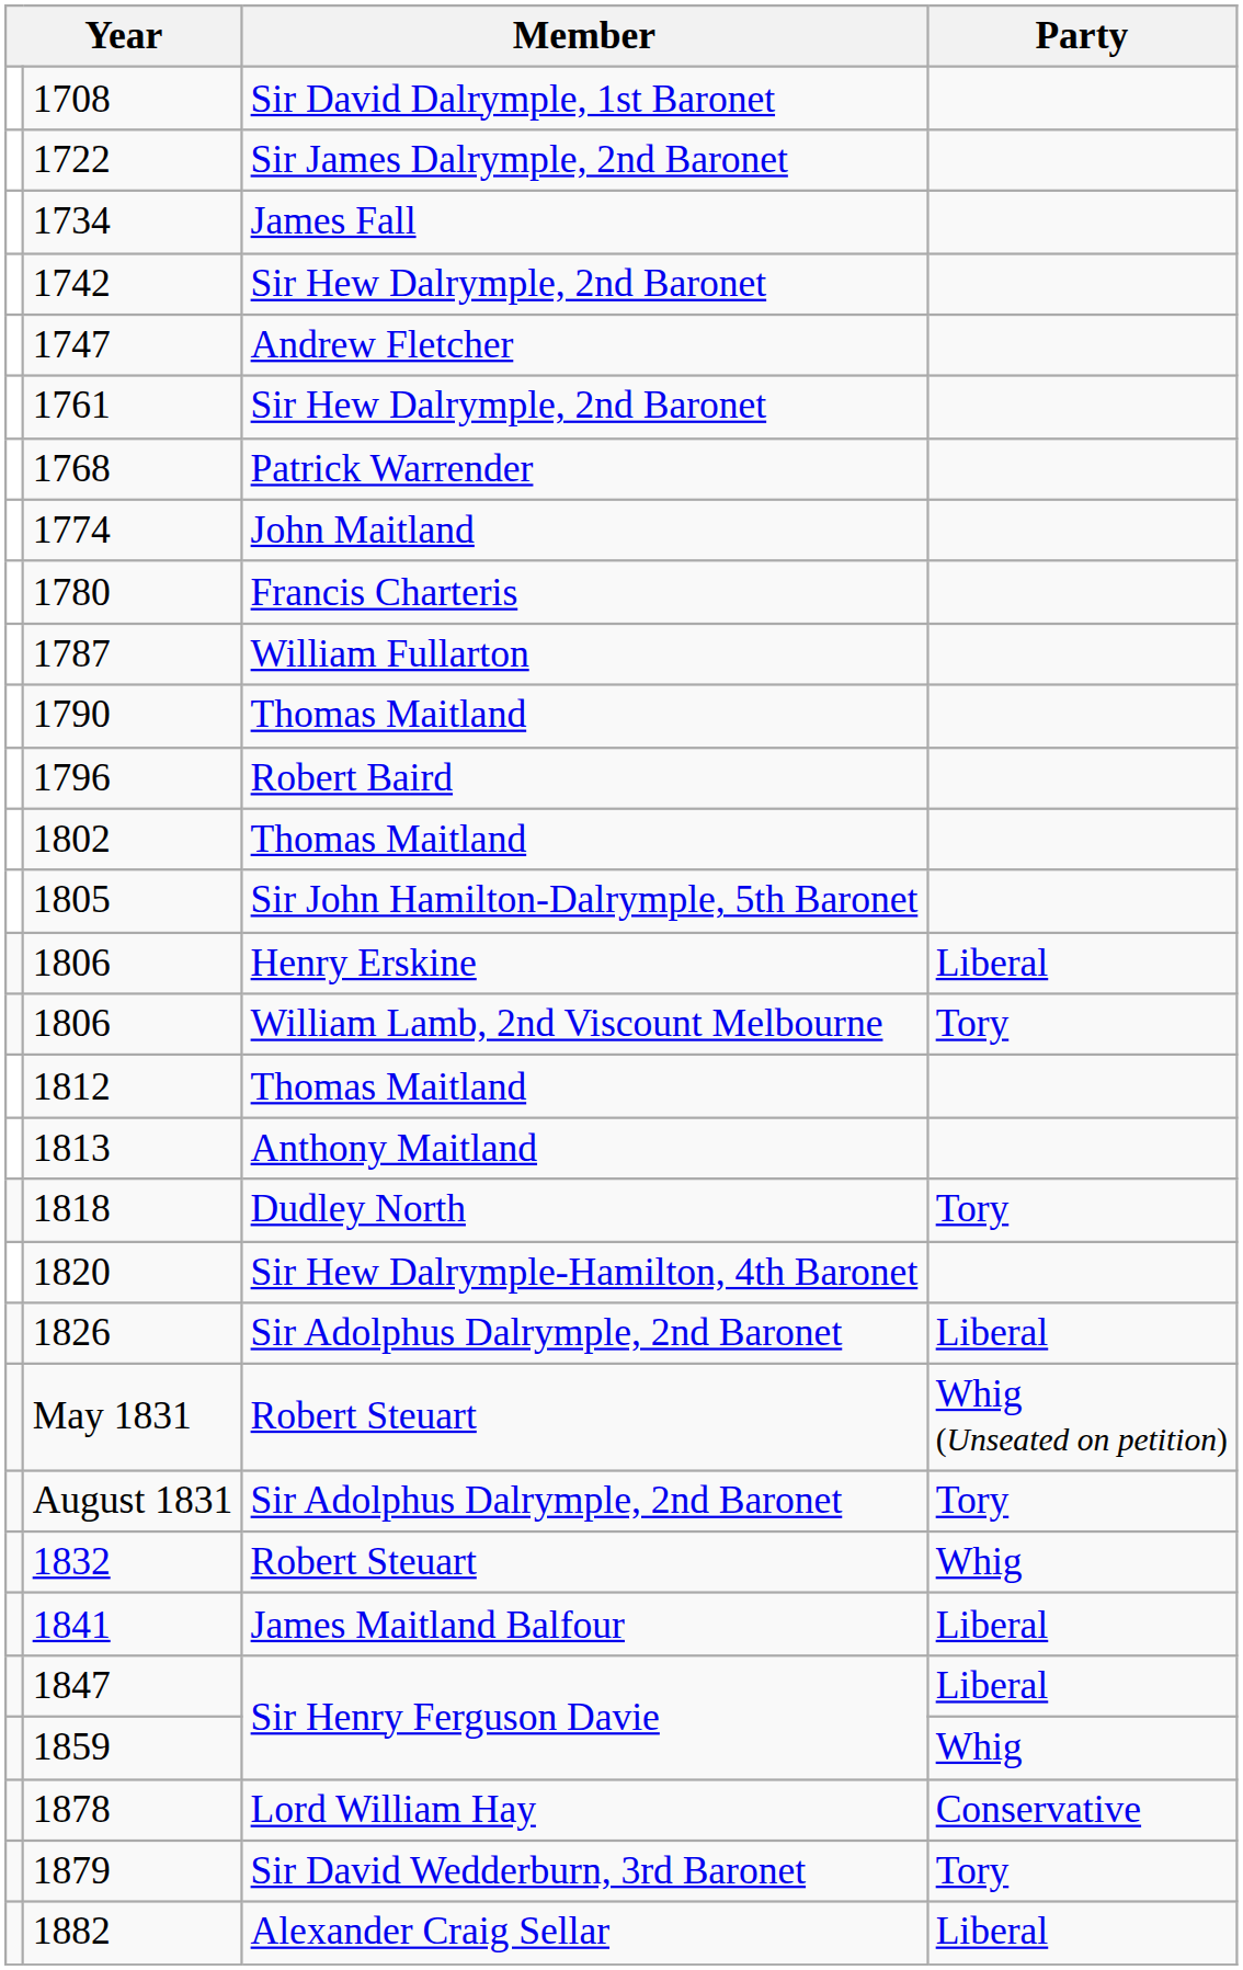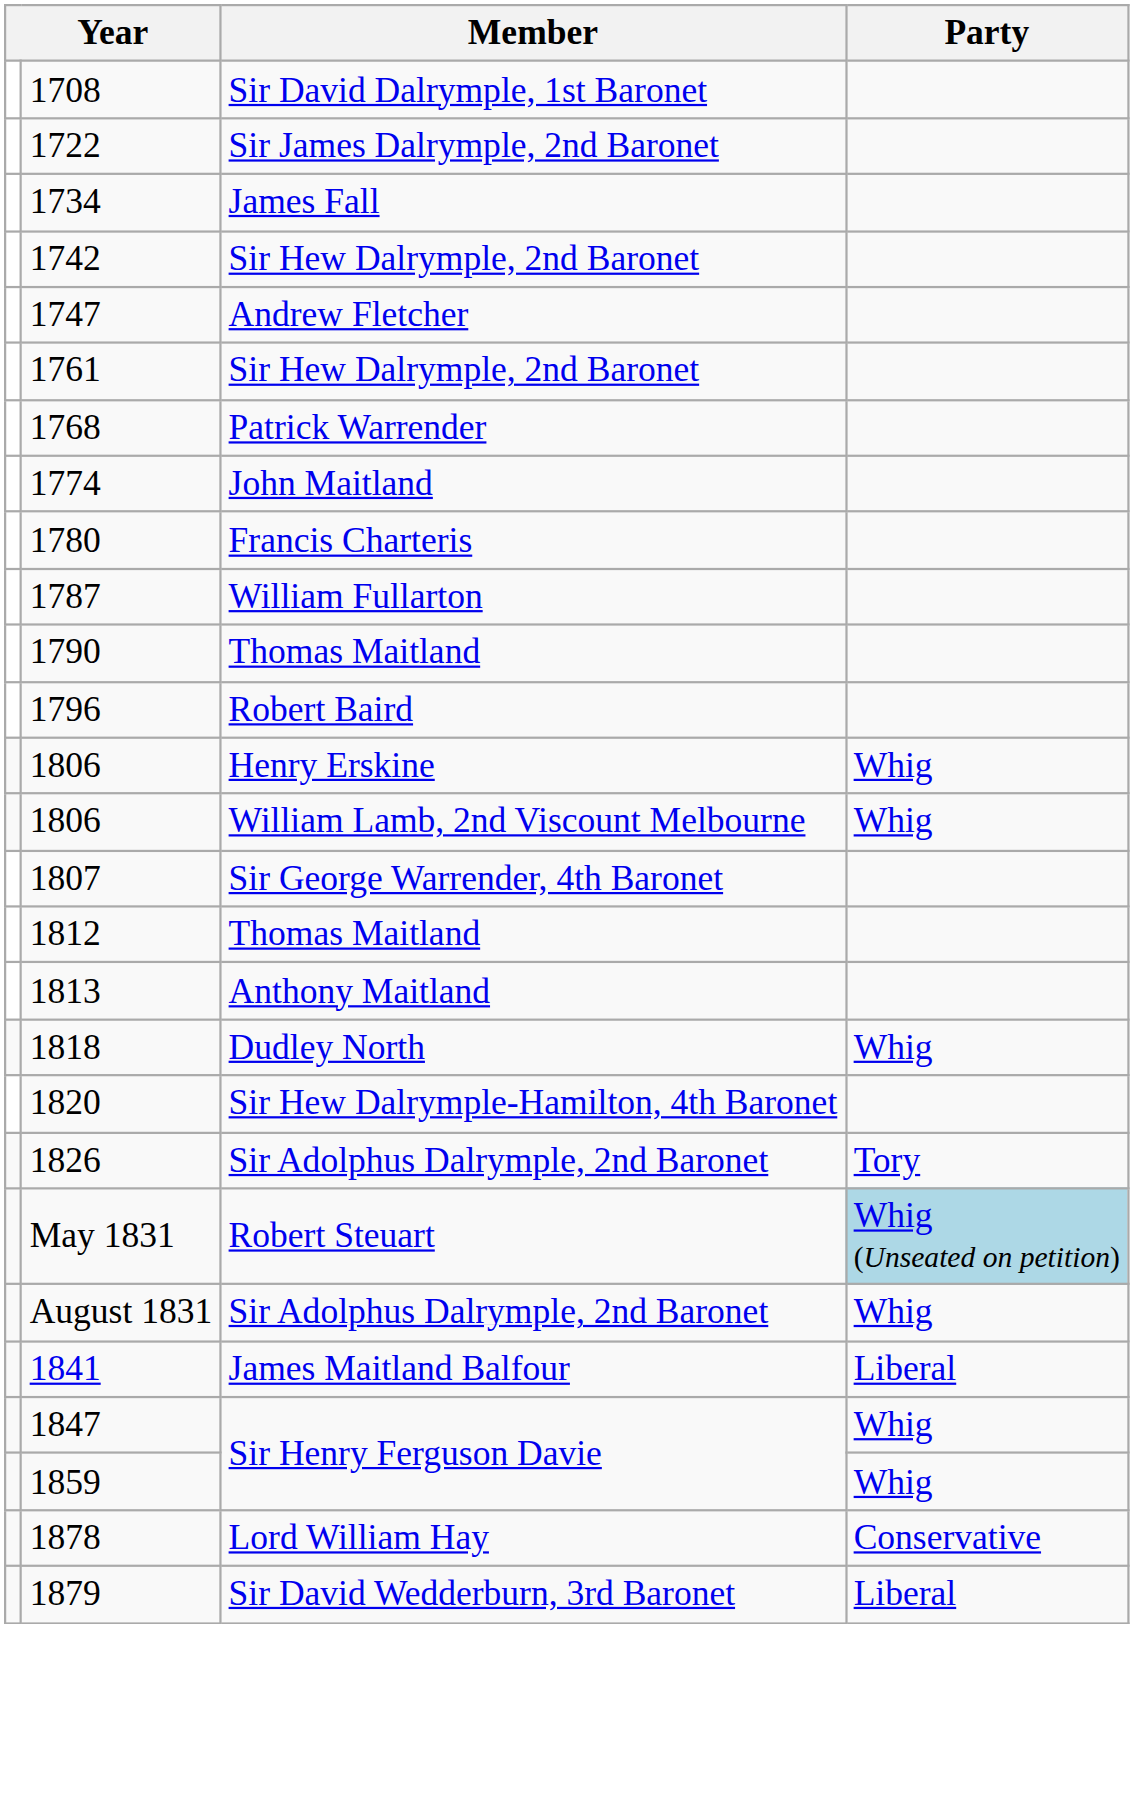 <table class="wikitable">
 <tr>
 <th colspan=2>Year</th>
 <th>Member</th>
 <th>Party</th>
 </tr>
 <tr>
 <td style="color:inherit;background-color: white"></td>
 <td>1708</td>
 <td><a href='#'>Sir David Dalrymple, 1st Baronet</a></td>
 <td></td>
 </tr>
 <tr>
 <td style="color:inherit;background-color: white"></td>
 <td>1722</td>
 <td><a href='#'>Sir James Dalrymple, 2nd Baronet</a></td>
 <td></td>
 </tr>
 <tr>
 <td style="color:inherit;background-color: white"></td>
 <td>1734</td>
 <td><a href='#'>James Fall</a></td>
 <td></td>
 </tr>
 <tr>
 <td style="color:inherit;background-color: white"></td>
 <td>1742</td>
 <td><a href='#'>Sir Hew Dalrymple, 2nd Baronet</a></td>
 <td></td>
 </tr>
 <tr>
 <td style="color:inherit;background-color: white"></td>
 <td>1747</td>
 <td><a href='#'>Andrew Fletcher</a></td>
 <td></td>
 </tr>
 <tr>
 <td style="color:inherit;background-color: white"></td>
 <td>1761</td>
 <td><a href='#'>Sir Hew Dalrymple, 2nd Baronet</a></td>
 <td></td>
 </tr>
 <tr>
 <td style="color:inherit;background-color: white"></td>
 <td>1768</td>
 <td><a href='#'>Patrick Warrender</a></td>
 <td></td>
 </tr>
 <tr>
 <td style="color:inherit;background-color: white"></td>
 <td>1774</td>
 <td><a href='#'>John Maitland</a></td>
 <td></td>
 </tr>
 <tr>
 <td style="color:inherit;background-color: white"></td>
 <td>1780</td>
 <td><a href='#'>Francis Charteris</a></td>
 <td></td>
 </tr>
 <tr>
 <td style="color:inherit;background-color: white"></td>
 <td>1787</td>
 <td><a href='#'>William Fullarton</a></td>
 <td></td>
 </tr>
 <tr>
 <td style="color:inherit;background-color: white"></td>
 <td>1790</td>
 <td><a href='#'>Thomas Maitland</a></td>
 <td></td>
 </tr>
 <tr>
 <td style="color:inherit;background-color: white"></td>
 <td>1796</td>
 <td><a href='#'>Robert Baird</a></td>
 <td></td>
 </tr>
 <tr>
-<td style="color:inherit;background-color: white"></td>
-<td>1802</td>
-<td><a href='#'>Thomas Maitland</a></td>
-<td></td>
-</tr>
-<tr>
-<td style="color:inherit;background-color: white"></td>
-<td>1805</td>
-<td><a href='#'>Sir John Hamilton-Dalrymple, 5th Baronet</a></td>
-<td></td>
-</tr>
-<tr>
 <td style="color:inherit;background-color: "></td>
 <td>1806</td>
 <td><a href='#'>Henry Erskine</a></td>
-<td><a href='#'>Liberal</a></td>
+<td><a href='#'>Whig</a></td>
 </tr>
 <tr>
 <td style="color:inherit;background-color: "></td>
 <td>1806</td>
 <td><a href='#'>William Lamb, 2nd Viscount Melbourne</a></td>
-<td><a href='#'>Tory</a></td>
+<td><a href='#'>Whig</a></td>
+</tr>
+<tr>
+<td style="color:inherit;background-color: white"></td>
+<td>1807</td>
+<td><a href='#'>Sir George Warrender, 4th Baronet</a></td>
+<td></td>
 </tr>
 <tr>
 <td style="color:inherit;background-color: white"></td>
 <td>1812</td>
 <td><a href='#'>Thomas Maitland</a></td>
 <td></td>
 </tr>
 <tr>
 <td style="color:inherit;background-color: white"></td>
 <td>1813</td>
 <td><a href='#'>Anthony Maitland</a></td>
 <td></td>
 </tr>
 <tr>
 <td style="color:inherit;background-color: "></td>
 <td>1818</td>
 <td><a href='#'>Dudley North</a></td>
-<td><a href='#'>Tory</a></td>
+<td><a href='#'>Whig</a></td>
 </tr>
 <tr>
 <td style="color:inherit;background-color: white"></td>
 <td>1820</td>
 <td><a href='#'>Sir Hew Dalrymple-Hamilton, 4th Baronet</a></td>
 <td></td>
 </tr>
 <tr>
 <td style="color:inherit;background-color: "></td>
 <td>1826</td>
 <td><a href='#'>Sir Adolphus Dalrymple, 2nd Baronet</a></td>
-<td><a href='#'>Liberal</a></td>
+<td><a href='#'>Tory</a></td>
 </tr>
 <tr>
 <td style="color:inherit;background-color: "></td>
 <td>May 1831</td>
 <td><a href='#'>Robert Steuart</a></td>
-<td><a href='#'>Whig</a><br><small>(<em>Unseated on petition</em>)</small></td>
+<td style="background: lightblue;"><a href='#'>Whig</a><br><small>(<em>Unseated on petition</em>)</small></td>
 </tr>
 <tr>
 <td style="color:inherit;background-color: "></td>
 <td>August 1831</td>
 <td><a href='#'>Sir Adolphus Dalrymple, 2nd Baronet</a></td>
-<td><a href='#'>Tory</a></td>
-</tr>
-<tr>
-<td style="color:inherit;background-color: "></td>
-<td><a href='#'>1832</a></td>
-<td><a href='#'>Robert Steuart</a></td>
 <td><a href='#'>Whig</a></td>
 </tr>
 <tr>
 <td style="color:inherit;background-color: "></td>
 <td><a href='#'>1841</a></td>
 <td><a href='#'>James Maitland Balfour</a></td>
 <td><a href='#'>Liberal</a></td>
 </tr>
 <tr>
 <td style="color:inherit;background-color: "></td>
 <td>1847</td>
 <td rowspan="2"><a href='#'>Sir Henry Ferguson Davie</a></td>
-<td><a href='#'>Liberal</a></td>
+<td><a href='#'>Whig</a></td>
 </tr>
 <tr>
 <td style="color:inherit;background-color: "></td>
 <td>1859</td>
 <td><a href='#'>Whig</a></td>
 </tr>
 <tr>
 <td style="color:inherit;background-color: "></td>
 <td>1878</td>
 <td><a href='#'>Lord William Hay</a></td>
 <td><a href='#'>Conservative</a></td>
 </tr>
 <tr>
 <td style="color:inherit;background-color: "></td>
 <td>1879</td>
 <td><a href='#'>Sir David Wedderburn, 3rd Baronet</a></td>
-<td><a href='#'>Tory</a></td>
-</tr>
-<tr>
-<td style="color:inherit;background-color: "></td>
-<td>1882</td>
-<td><a href='#'>Alexander Craig Sellar</a></td>
 <td><a href='#'>Liberal</a></td>
 </tr>
 </table>
